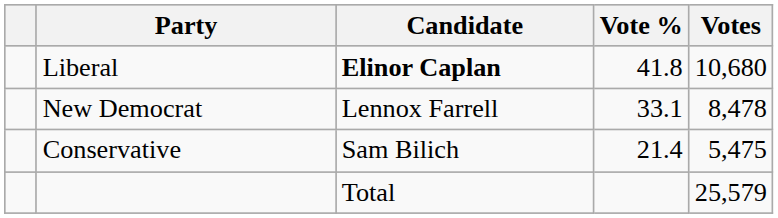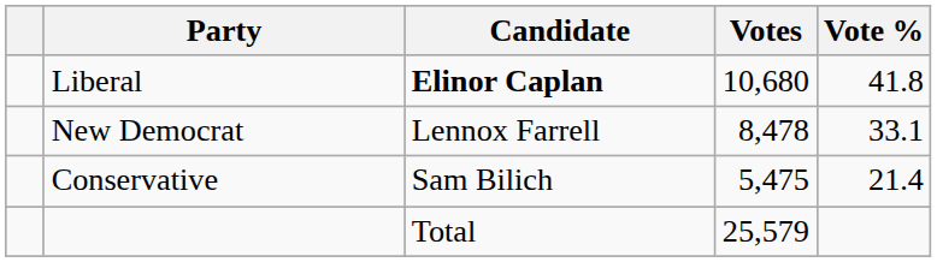 <table class="wikitable">
 <tr>
 <th></th>
 <th scope="col" width="175">Party</th>
 <th scope="col" width="150">Candidate</th>
+<th>Votes</th>
 <th>Vote %</th>
-<th>Votes</th>
 </tr>
 <tr>
 <td>   </td>
 <td>Liberal</td>
 <td><strong>Elinor Caplan</strong></td>
+<td align=right>10,680</td>
 <td align=right>41.8</td>
-<td align=right>10,680</td>
 </tr>
 <tr>
 <td>   </td>
 <td>New Democrat</td>
 <td>Lennox Farrell</td>
+<td align=right>8,478</td>
 <td align=right>33.1</td>
-<td align=right>8,478</td>
 </tr>
 <tr>
 <td>   </td>
 <td>Conservative</td>
 <td>Sam Bilich</td>
+<td align=right>5,475</td>
 <td align=right>21.4<br> </td>
-<td align=right>5,475</td>
 </tr>
 <tr |>
 <td></td>
 <td></td>
 <td>Total</td>
+<td align=right>25,579</td>
 <td></td>
-<td align=right>25,579</td>
 </tr>
 </table>
